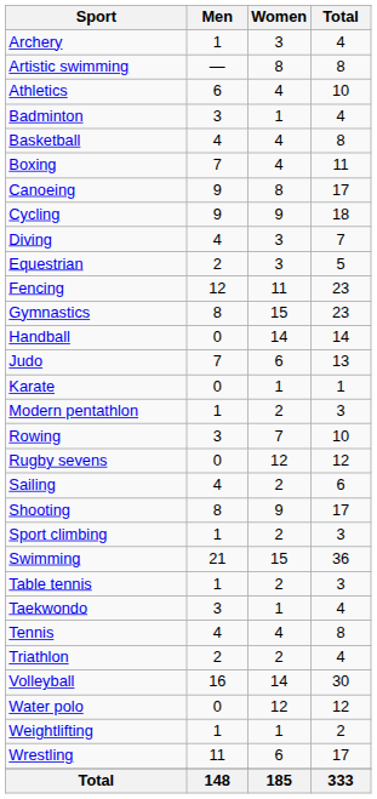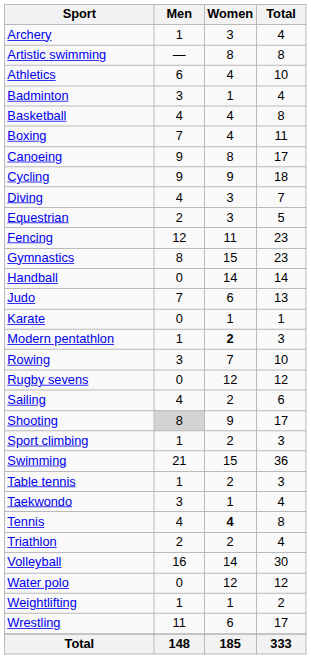 <table class="wikitable sortable" style="text-align:center;">
 <tr>
 <th width=180>Sport</th>
 <th width=55>Men</th>
 <th width=55>Women</th>
 <th width=55>Total</th>
 </tr>
 <tr>
 <td align=left><a href='#'>Archery</a></td>
 <td>1</td>
 <td>3</td>
 <td>4</td>
 </tr>
 <tr>
 <td align=left><a href='#'>Artistic swimming</a></td>
 <td>—</td>
 <td>8</td>
 <td>8</td>
 </tr>
 <tr>
 <td align=left><a href='#'>Athletics</a></td>
 <td>6</td>
 <td>4</td>
 <td>10</td>
 </tr>
 <tr>
 <td align=left><a href='#'>Badminton</a></td>
 <td>3</td>
 <td>1</td>
 <td>4</td>
 </tr>
 <tr>
 <td align=left><a href='#'>Basketball</a></td>
 <td>4</td>
 <td>4</td>
 <td>8</td>
 </tr>
 <tr>
 <td align=left><a href='#'>Boxing</a></td>
 <td>7</td>
 <td>4</td>
 <td>11</td>
 </tr>
 <tr>
 <td align=left><a href='#'>Canoeing</a></td>
 <td>9</td>
 <td>8</td>
 <td>17</td>
 </tr>
 <tr>
 <td align=left><a href='#'>Cycling</a></td>
 <td>9</td>
 <td>9</td>
 <td>18</td>
 </tr>
 <tr>
 <td align=left><a href='#'>Diving</a></td>
 <td>4</td>
 <td>3</td>
 <td>7</td>
 </tr>
 <tr>
 <td align=left><a href='#'>Equestrian</a></td>
 <td>2</td>
 <td>3</td>
 <td>5</td>
 </tr>
 <tr>
 <td align=left><a href='#'>Fencing</a></td>
 <td>12</td>
 <td>11</td>
 <td>23</td>
 </tr>
 <tr>
 <td align=left><a href='#'>Gymnastics</a></td>
 <td>8</td>
 <td>15</td>
 <td>23</td>
 </tr>
 <tr>
 <td align=left><a href='#'>Handball</a></td>
 <td>0</td>
 <td>14</td>
 <td>14</td>
 </tr>
 <tr>
 <td align=left><a href='#'>Judo</a></td>
 <td>7</td>
 <td>6</td>
 <td>13</td>
 </tr>
 <tr>
 <td align=left><a href='#'>Karate</a></td>
 <td>0</td>
 <td>1</td>
 <td>1</td>
 </tr>
 <tr>
 <td align=left><a href='#'>Modern pentathlon</a></td>
 <td>1</td>
-<td>2</td>
+<td><strong>2</strong></td>
 <td>3</td>
 </tr>
 <tr>
 <td align=left><a href='#'>Rowing</a></td>
 <td>3</td>
 <td>7</td>
 <td>10</td>
 </tr>
 <tr>
 <td align=left><a href='#'>Rugby sevens</a></td>
 <td>0</td>
 <td>12</td>
 <td>12</td>
 </tr>
 <tr>
 <td align=left><a href='#'>Sailing</a></td>
 <td>4</td>
 <td>2</td>
 <td>6</td>
 </tr>
 <tr>
 <td align=left><a href='#'>Shooting</a></td>
-<td>8</td>
+<td style="background: lightgrey;">8</td>
 <td>9</td>
 <td>17</td>
 </tr>
 <tr>
 <td align=left><a href='#'>Sport climbing</a></td>
 <td>1</td>
 <td>2</td>
 <td>3</td>
 </tr>
 <tr>
 <td align=left><a href='#'>Swimming</a></td>
 <td>21</td>
 <td>15</td>
 <td>36</td>
 </tr>
 <tr>
 <td align=left><a href='#'>Table tennis</a></td>
 <td>1</td>
 <td>2</td>
 <td>3</td>
 </tr>
 <tr>
 <td align=left><a href='#'>Taekwondo</a></td>
 <td>3</td>
 <td>1</td>
 <td>4</td>
 </tr>
 <tr>
 <td align=left><a href='#'>Tennis</a></td>
 <td>4</td>
-<td>4</td>
+<td><strong>4</strong></td>
 <td>8</td>
 </tr>
 <tr>
 <td align=left><a href='#'>Triathlon</a></td>
 <td>2</td>
 <td>2</td>
 <td>4</td>
 </tr>
 <tr>
 <td align=left><a href='#'>Volleyball</a></td>
 <td>16</td>
 <td>14</td>
 <td>30</td>
 </tr>
 <tr>
 <td align=left><a href='#'>Water polo</a></td>
 <td>0</td>
 <td>12</td>
 <td>12</td>
 </tr>
 <tr>
 <td align=left><a href='#'>Weightlifting</a></td>
 <td>1</td>
 <td>1</td>
 <td>2</td>
 </tr>
 <tr>
 <td align=left><a href='#'>Wrestling</a></td>
 <td>11</td>
 <td>6</td>
 <td>17</td>
 </tr>
 <tr>
 </tr>
 <tr class="sortbottom">
 <th>Total</th>
 <th>148</th>
 <th>185</th>
 <th>333</th>
 </tr>
 </table>
